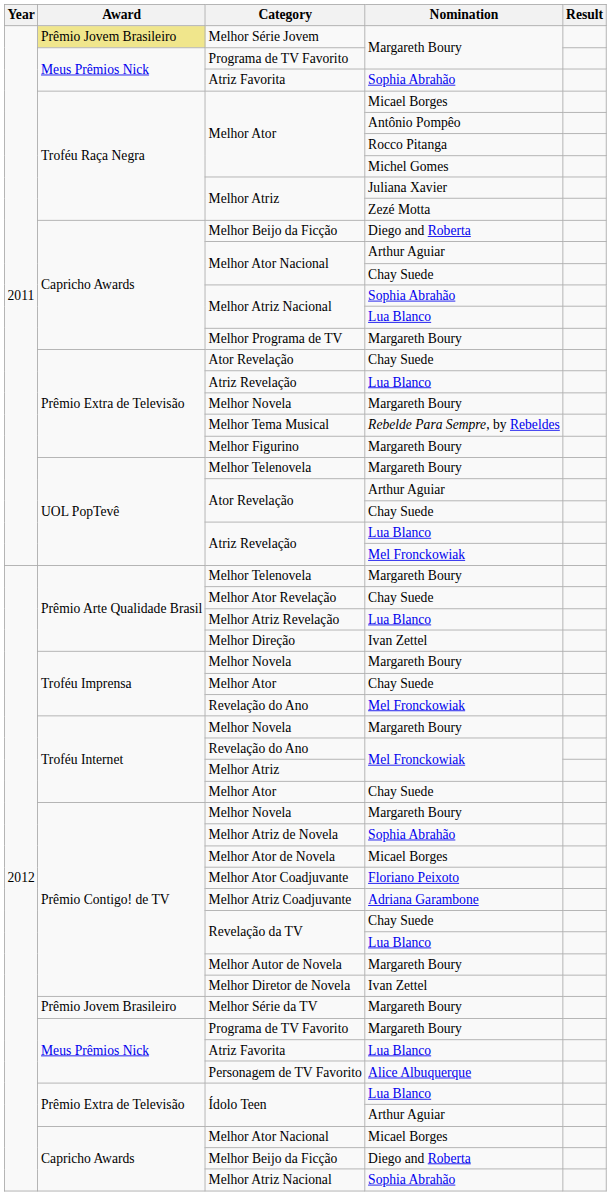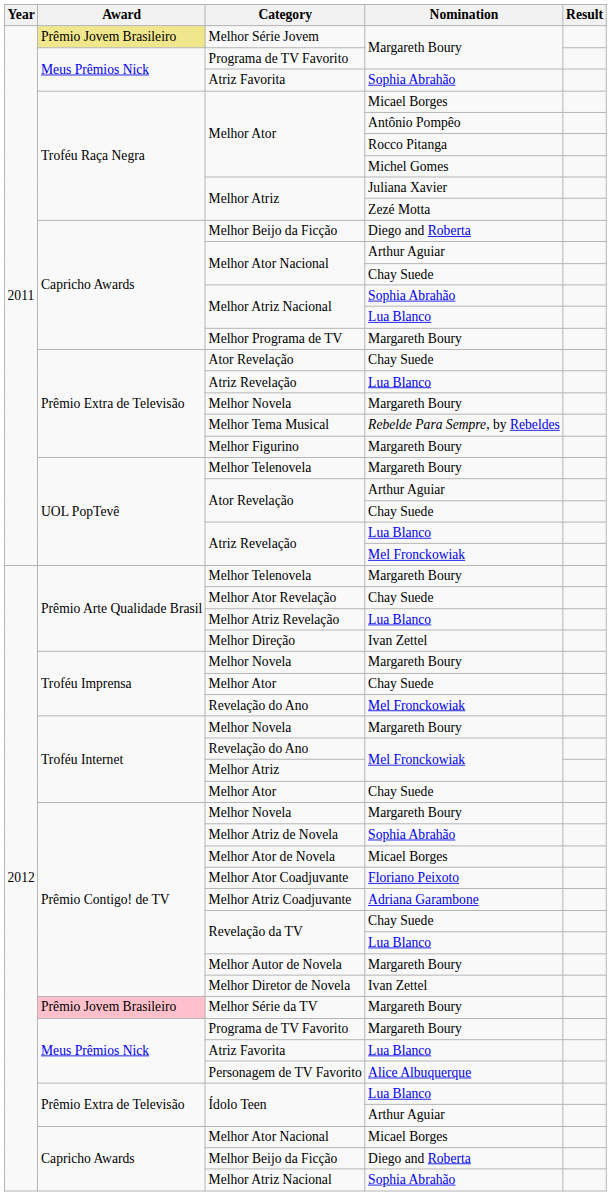 <table class="wikitable">
 <tr>
 <th>Year</th>
 <th>Award</th>
 <th>Category</th>
 <th>Nomination</th>
 <th>Result</th>
 </tr>
 <tr>
 <td rowspan="25">2011</td>
 <td style="background: khaki;">Prêmio Jovem Brasileiro</td>
 <td>Melhor Série Jovem</td>
 <td rowspan="2">Margareth Boury</td>
 <td></td>
 </tr>
 <tr>
 <td rowspan="2"><a href='#'>Meus Prêmios Nick</a></td>
 <td>Programa de TV Favorito</td>
 <td></td>
 </tr>
 <tr>
 <td>Atriz Favorita</td>
 <td><a href='#'>Sophia Abrahão</a></td>
 <td></td>
 </tr>
 <tr>
 <td rowspan="6">Troféu Raça Negra</td>
 <td rowspan="4">Melhor Ator</td>
 <td>Micael Borges</td>
 <td></td>
 </tr>
 <tr>
 <td>Antônio Pompêo</td>
 <td></td>
 </tr>
 <tr>
 <td>Rocco Pitanga</td>
 <td></td>
 </tr>
 <tr>
 <td>Michel Gomes</td>
 <td></td>
 </tr>
 <tr>
 <td rowspan="2">Melhor Atriz</td>
 <td>Juliana Xavier</td>
 <td></td>
 </tr>
 <tr>
 <td>Zezé Motta</td>
 <td></td>
 </tr>
 <tr>
 <td rowspan="6">Capricho Awards</td>
 <td>Melhor Beijo da Ficção</td>
 <td>Diego and <a href='#'>Roberta</a></td>
 <td></td>
 </tr>
 <tr>
 <td rowspan="2">Melhor Ator Nacional</td>
 <td>Arthur Aguiar</td>
 <td></td>
 </tr>
 <tr>
 <td>Chay Suede</td>
 <td></td>
 </tr>
 <tr>
 <td rowspan="2">Melhor Atriz Nacional</td>
 <td><a href='#'>Sophia Abrahão</a></td>
 <td></td>
 </tr>
 <tr>
 <td><a href='#'>Lua Blanco</a></td>
 <td></td>
 </tr>
 <tr>
 <td>Melhor Programa de TV</td>
 <td>Margareth Boury</td>
 <td></td>
 </tr>
 <tr>
 <td rowspan="5">Prêmio Extra de Televisão</td>
 <td>Ator Revelação</td>
 <td>Chay Suede</td>
 <td></td>
 </tr>
 <tr>
 <td>Atriz Revelação</td>
 <td><a href='#'>Lua Blanco</a></td>
 <td></td>
 </tr>
 <tr>
 <td>Melhor Novela</td>
 <td>Margareth Boury</td>
 <td></td>
 </tr>
 <tr>
 <td>Melhor Tema Musical</td>
 <td><em>Rebelde Para Sempre</em>, by <a href='#'>Rebeldes</a></td>
 <td></td>
 </tr>
 <tr>
 <td>Melhor Figurino</td>
 <td>Margareth Boury</td>
 <td></td>
 </tr>
 <tr>
 <td rowspan="5">UOL PopTevê</td>
 <td>Melhor Telenovela</td>
 <td>Margareth Boury</td>
 <td></td>
 </tr>
 <tr>
 <td rowspan="2">Ator Revelação</td>
 <td>Arthur Aguiar</td>
 <td></td>
 </tr>
 <tr>
 <td>Chay Suede</td>
 <td></td>
 </tr>
 <tr>
 <td rowspan="2">Atriz Revelação</td>
 <td><a href='#'>Lua Blanco</a></td>
 <td></td>
 </tr>
 <tr>
 <td><a href='#'>Mel Fronckowiak</a></td>
 <td></td>
 </tr>
 <tr>
 <td rowspan="29">2012</td>
 <td rowspan="4">Prêmio Arte Qualidade Brasil</td>
 <td>Melhor Telenovela</td>
 <td>Margareth Boury</td>
 <td></td>
 </tr>
 <tr>
 <td>Melhor Ator Revelação</td>
 <td>Chay Suede</td>
 <td></td>
 </tr>
 <tr>
 <td>Melhor Atriz Revelação</td>
 <td><a href='#'>Lua Blanco</a></td>
 <td></td>
 </tr>
 <tr>
 <td>Melhor Direção</td>
 <td>Ivan Zettel</td>
 <td></td>
 </tr>
 <tr>
 <td rowspan="3">Troféu Imprensa</td>
 <td>Melhor Novela</td>
 <td>Margareth Boury</td>
 <td></td>
 </tr>
 <tr>
 <td>Melhor Ator</td>
 <td>Chay Suede</td>
 <td></td>
 </tr>
 <tr>
 <td>Revelação do Ano</td>
 <td><a href='#'>Mel Fronckowiak</a></td>
 <td></td>
 </tr>
 <tr>
 <td rowspan="4">Troféu Internet</td>
 <td>Melhor Novela</td>
 <td>Margareth Boury</td>
 <td></td>
 </tr>
 <tr>
 <td>Revelação do Ano</td>
 <td rowspan="2"><a href='#'>Mel Fronckowiak</a></td>
 <td></td>
 </tr>
 <tr>
 <td>Melhor Atriz</td>
 <td></td>
 </tr>
 <tr>
 <td>Melhor Ator</td>
 <td>Chay Suede</td>
 <td></td>
 </tr>
 <tr>
 <td rowspan="9">Prêmio Contigo! de TV</td>
 <td>Melhor Novela</td>
 <td>Margareth Boury</td>
 <td></td>
 </tr>
 <tr>
 <td>Melhor Atriz de Novela</td>
 <td><a href='#'>Sophia Abrahão</a></td>
 <td></td>
 </tr>
 <tr>
 <td>Melhor Ator de Novela</td>
 <td>Micael Borges</td>
 <td></td>
 </tr>
 <tr>
 <td>Melhor Ator Coadjuvante</td>
 <td><a href='#'>Floriano Peixoto</a></td>
 <td></td>
 </tr>
 <tr>
 <td>Melhor Atriz Coadjuvante</td>
 <td><a href='#'>Adriana Garambone</a></td>
 <td></td>
 </tr>
 <tr>
 <td rowspan="2">Revelação da TV</td>
 <td>Chay Suede</td>
 <td></td>
 </tr>
 <tr>
 <td><a href='#'>Lua Blanco</a></td>
 <td></td>
 </tr>
 <tr>
 <td>Melhor Autor de Novela</td>
 <td>Margareth Boury</td>
 <td></td>
 </tr>
 <tr>
 <td>Melhor Diretor de Novela</td>
 <td>Ivan Zettel</td>
 <td></td>
 </tr>
 <tr>
-<td rowspan="1">Prêmio Jovem Brasileiro</td>
+<td rowspan="1" style="background: pink;">Prêmio Jovem Brasileiro</td>
 <td>Melhor Série da TV</td>
 <td>Margareth Boury</td>
 <td></td>
 </tr>
 <tr>
 <td rowspan="3"><a href='#'>Meus Prêmios Nick</a></td>
 <td>Programa de TV Favorito</td>
 <td>Margareth Boury</td>
 <td></td>
 </tr>
 <tr>
 <td>Atriz Favorita</td>
 <td><a href='#'>Lua Blanco</a></td>
 <td></td>
 </tr>
 <tr>
 <td>Personagem de TV Favorito</td>
 <td><a href='#'>Alice Albuquerque</a></td>
 <td></td>
 </tr>
 <tr>
 <td rowspan=2>Prêmio Extra de Televisão</td>
 <td rowspan=2>Ídolo Teen</td>
 <td><a href='#'>Lua Blanco</a></td>
 <td></td>
 </tr>
 <tr>
 <td>Arthur Aguiar</td>
 <td></td>
 </tr>
 <tr>
 <td rowspan="3">Capricho Awards</td>
 <td>Melhor Ator Nacional</td>
 <td>Micael Borges</td>
 <td></td>
 </tr>
 <tr>
 <td>Melhor Beijo da Ficção</td>
 <td>Diego and <a href='#'>Roberta</a></td>
 <td></td>
 </tr>
 <tr>
 <td>Melhor Atriz Nacional</td>
 <td rowspan=2><a href='#'>Sophia Abrahão</a></td>
 <td></td>
 </tr>
 </table>
